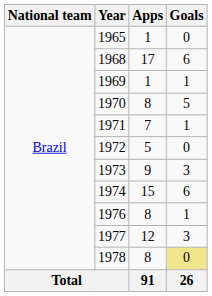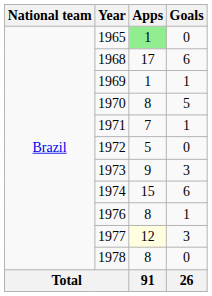 <table class="wikitable" style="text-align:center">
 <tr>
 <th>National team</th>
 <th>Year</th>
 <th>Apps</th>
 <th>Goals</th>
 </tr>
 <tr>
 <td rowspan="11"><a href='#'>Brazil</a></td>
 <td>1965</td>
-<td>1</td>
+<td style="background: lightgreen;">1</td>
 <td>0</td>
 </tr>
 <tr>
 <td>1968</td>
 <td>17</td>
 <td>6</td>
 </tr>
 <tr>
 <td>1969</td>
 <td>1</td>
 <td>1</td>
 </tr>
 <tr>
 <td>1970</td>
 <td>8</td>
 <td>5</td>
 </tr>
 <tr>
 <td>1971</td>
 <td>7</td>
 <td>1</td>
 </tr>
 <tr>
 <td>1972</td>
 <td>5</td>
 <td>0</td>
 </tr>
 <tr>
 <td>1973</td>
 <td>9</td>
 <td>3</td>
 </tr>
 <tr>
 <td>1974</td>
 <td>15</td>
 <td>6</td>
 </tr>
 <tr>
 <td>1976</td>
 <td>8</td>
 <td>1</td>
 </tr>
 <tr>
 <td>1977</td>
-<td>12</td>
+<td style="background: lightyellow;">12</td>
 <td>3</td>
 </tr>
 <tr>
 <td>1978</td>
 <td>8</td>
-<td style="background: khaki;">0</td>
+<td>0</td>
 </tr>
 <tr>
 <th colspan="2">Total</th>
 <th>91</th>
 <th>26</th>
 </tr>
 </table>
